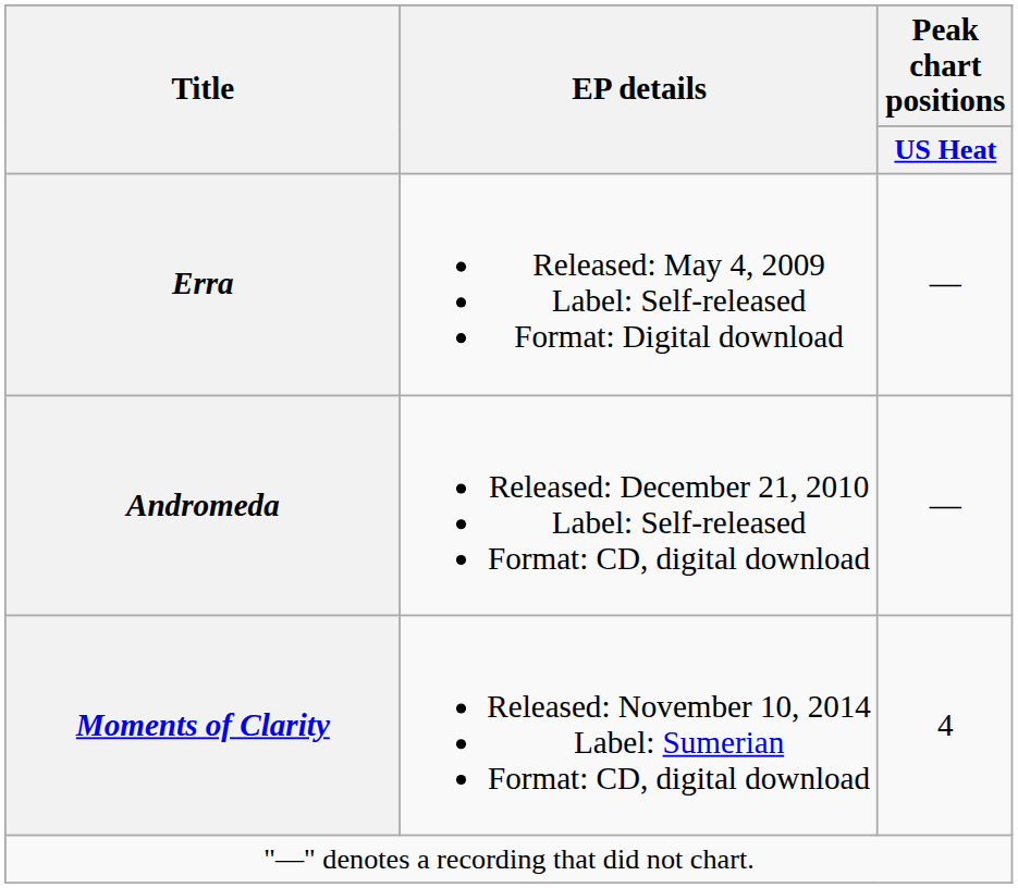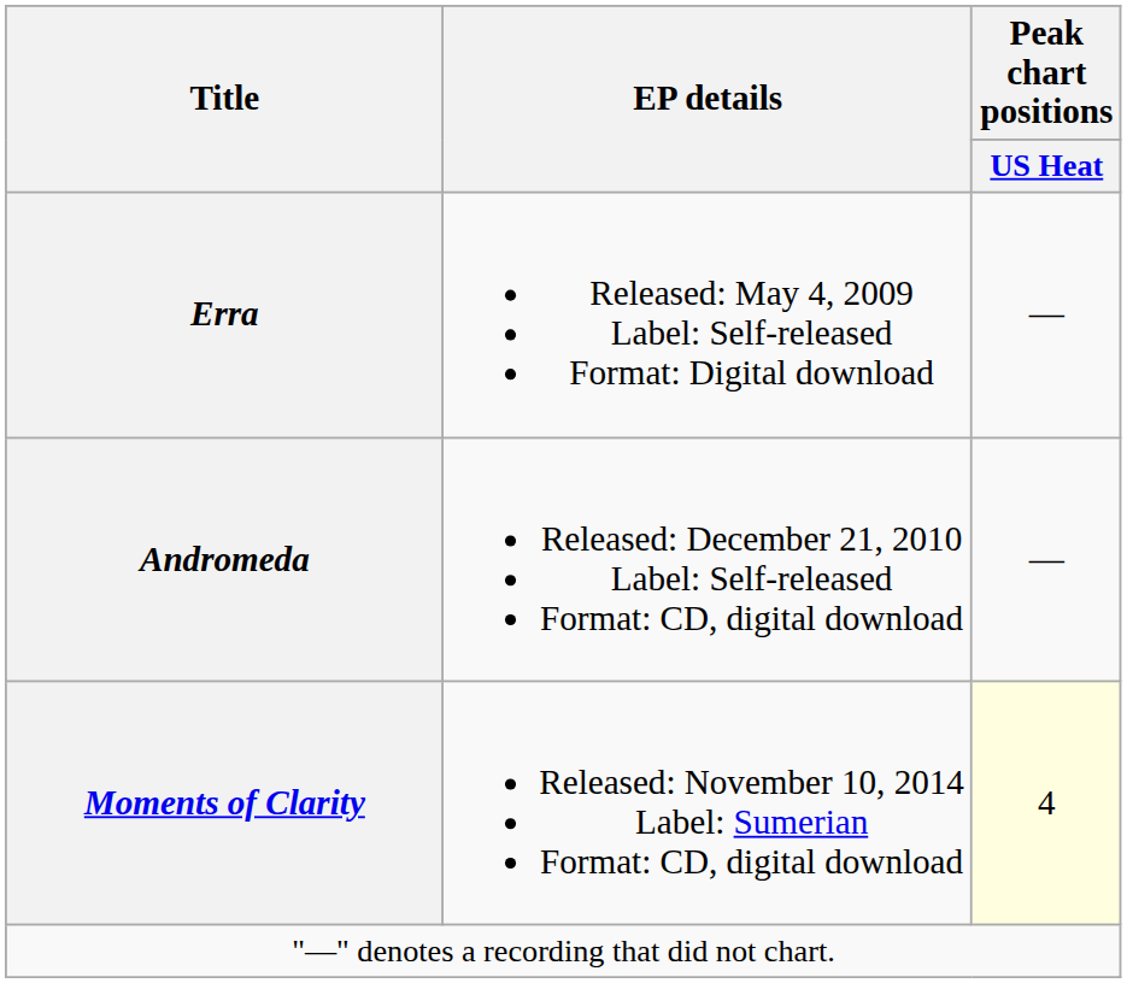 <table class="wikitable plainrowheaders" style="text-align:center;">
 <tr>
 <th scope="col" rowspan="2" style="width:12em;">Title</th>
 <th scope="col" rowspan="2">EP details</th>
 <th scope="col" colspan="1">Peak chart positions</th>
 </tr>
 <tr>
 <th scope="col" style="width:3em;font-size:90%;"><a href='#'>US Heat</a><br></th>
 </tr>
 <tr>
 <th scope="row"><em>Erra</em></th>
 <td><br><ul><li>Released: May 4, 2009</li><li>Label: Self-released</li><li>Format: Digital download</li></ul></td>
 <td>—</td>
 </tr>
 <tr>
 <th scope="row"><em>Andromeda</em></th>
 <td><br><ul><li>Released: December 21, 2010</li><li>Label: Self-released</li><li>Format: CD, digital download</li></ul></td>
 <td>—</td>
 </tr>
 <tr>
 <th scope="row"><em><a href='#'>Moments of Clarity</a></em></th>
 <td><br><ul><li>Released: November 10, 2014</li><li>Label: <a href='#'>Sumerian</a></li><li>Format: CD, digital download</li></ul></td>
-<td>4</td>
+<td style="background: lightyellow;">4</td>
 </tr>
 <tr>
 <td colspan="6" style="font-size:90%">"—" denotes a recording that did not chart.</td>
 </tr>
 </table>
